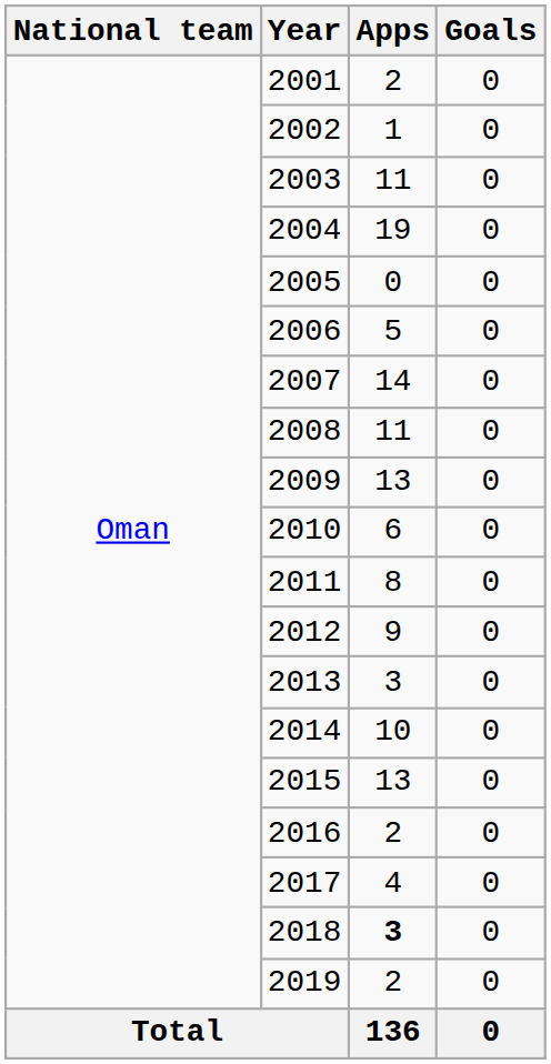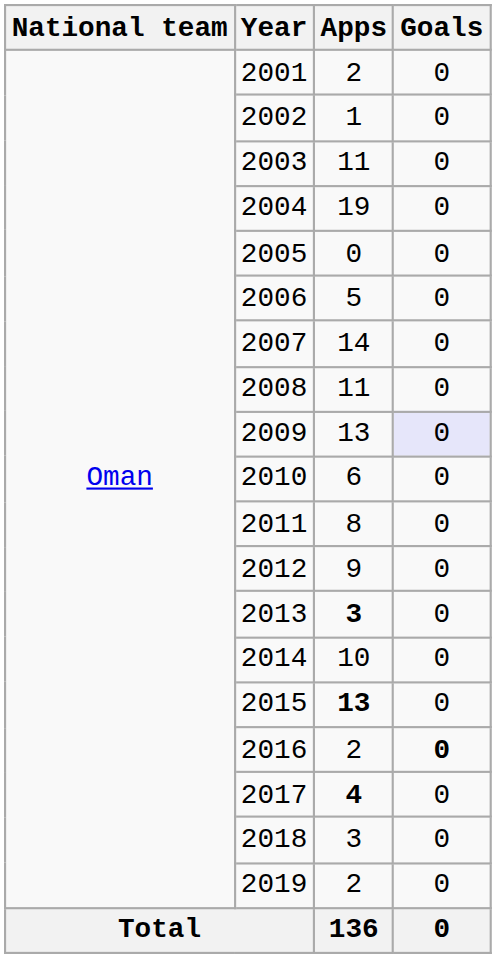 <table class="wikitable" style="text-align:center">
 <tr>
 <th>National team</th>
 <th>Year</th>
 <th>Apps</th>
 <th>Goals</th>
 </tr>
 <tr>
 <td rowspan="19"><a href='#'>Oman</a></td>
 <td>2001</td>
 <td>2</td>
 <td>0</td>
 </tr>
 <tr>
 <td>2002</td>
 <td>1</td>
 <td>0</td>
 </tr>
 <tr>
 <td>2003</td>
 <td>11</td>
 <td>0</td>
 </tr>
 <tr>
 <td>2004</td>
 <td>19</td>
 <td>0</td>
 </tr>
 <tr>
 <td>2005</td>
 <td>0</td>
 <td>0</td>
 </tr>
 <tr>
 <td>2006</td>
 <td>5</td>
 <td>0</td>
 </tr>
 <tr>
 <td>2007</td>
 <td>14</td>
 <td>0</td>
 </tr>
 <tr>
 <td>2008</td>
 <td>11</td>
 <td>0</td>
 </tr>
 <tr>
 <td>2009</td>
 <td>13</td>
-<td>0</td>
+<td style="background: lavender;">0</td>
 </tr>
 <tr>
 <td>2010</td>
 <td>6</td>
 <td>0</td>
 </tr>
 <tr>
 <td>2011</td>
 <td>8</td>
 <td>0</td>
 </tr>
 <tr>
 <td>2012</td>
 <td>9</td>
 <td>0</td>
 </tr>
 <tr>
 <td>2013</td>
-<td>3</td>
+<td><strong>3</strong></td>
 <td>0</td>
 </tr>
 <tr>
 <td>2014</td>
 <td>10</td>
 <td>0</td>
 </tr>
 <tr>
 <td>2015</td>
-<td>13</td>
+<td><strong>13</strong></td>
 <td>0</td>
 </tr>
 <tr>
 <td>2016</td>
 <td>2</td>
-<td>0</td>
+<td><strong>0</strong></td>
 </tr>
 <tr>
 <td>2017</td>
-<td>4</td>
+<td><strong>4</strong></td>
 <td>0</td>
 </tr>
 <tr>
 <td>2018</td>
-<td><strong>3</strong></td>
+<td>3</td>
 <td>0</td>
 </tr>
 <tr>
 <td>2019</td>
 <td>2</td>
 <td>0</td>
 </tr>
 <tr>
 <th colspan="2">Total</th>
 <th>136</th>
 <th>0</th>
 </tr>
 </table>
